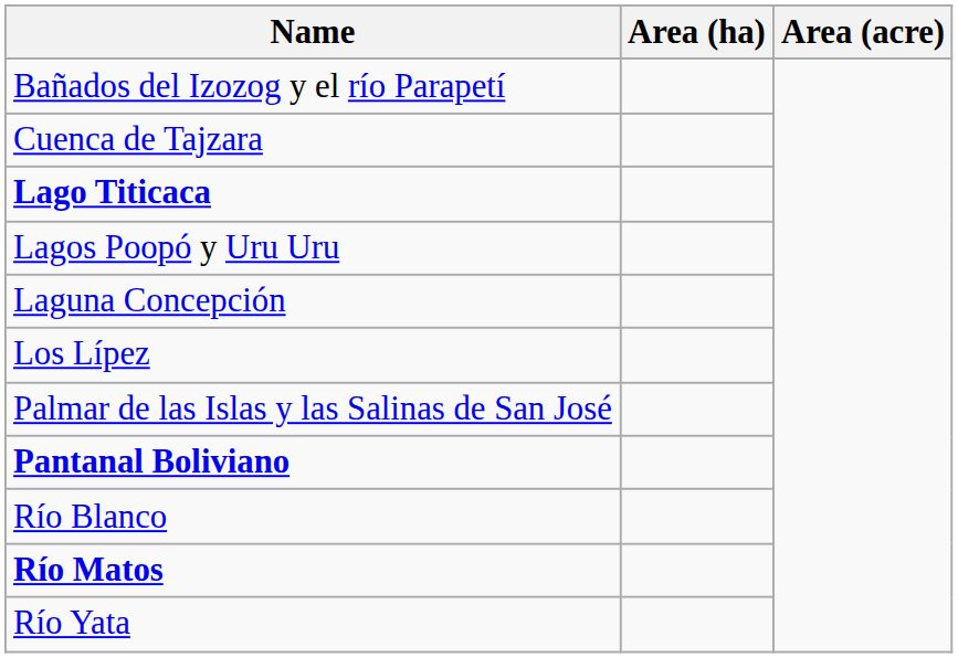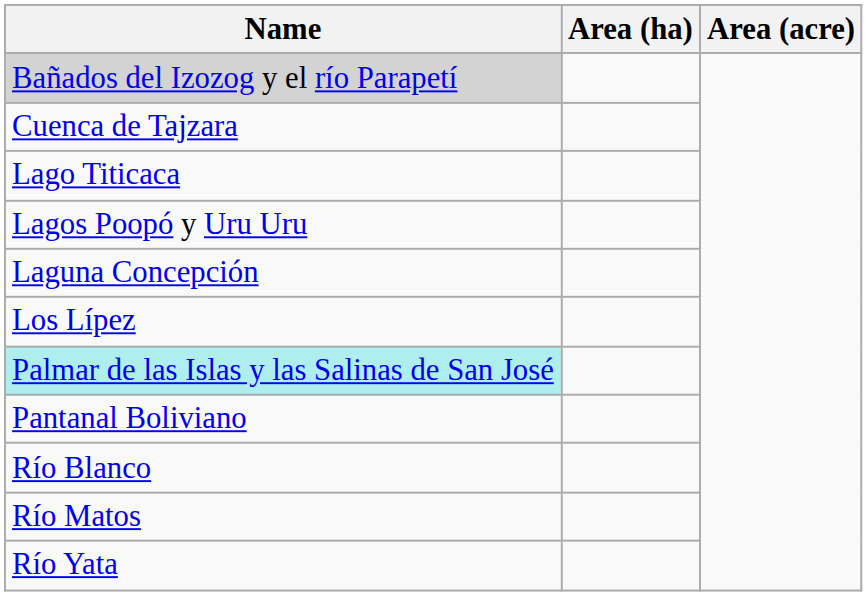 <table class="wikitable sortable">
 <tr>
 <th scope="col" align=left>Name</th>
 <th scope="col">Area (ha)</th>
 <th scope="col">Area (acre)</th>
 </tr>
 <tr ---->
-<td><a href='#'>Bañados del Izozog</a> y el <a href='#'>río Parapetí</a></td>
+<td style="background: lightgrey;"><a href='#'>Bañados del Izozog</a> y el <a href='#'>río Parapetí</a></td>
 <td></td>
 </tr>
 <tr ---->
 <td><a href='#'>Cuenca de Tajzara</a></td>
 <td></td>
 </tr>
 <tr ---->
-<td><strong><a href='#'>Lago Titicaca</a></strong></td>
+<td><a href='#'>Lago Titicaca</a></td>
 <td></td>
 </tr>
 <tr ---->
 <td><a href='#'>Lagos Poopó</a> y <a href='#'>Uru Uru</a></td>
 <td></td>
 </tr>
 <tr ---->
 <td><a href='#'>Laguna Concepción</a></td>
 <td></td>
 </tr>
 <tr ---->
 <td><a href='#'>Los Lípez</a></td>
 <td></td>
 </tr>
 <tr ---->
-<td><a href='#'>Palmar de las Islas y las Salinas de San José</a></td>
+<td style="background: paleturquoise;"><a href='#'>Palmar de las Islas y las Salinas de San José</a></td>
 <td></td>
 </tr>
 <tr ---->
-<td><strong><a href='#'>Pantanal Boliviano</a></strong></td>
+<td><a href='#'>Pantanal Boliviano</a></td>
 <td></td>
 </tr>
 <tr ---->
 <td><a href='#'>Río Blanco</a></td>
 <td></td>
 </tr>
 <tr ---->
-<td><strong><a href='#'>Río Matos</a></strong></td>
+<td><a href='#'>Río Matos</a></td>
 <td></td>
 </tr>
 <tr ---->
 <td><a href='#'>Río Yata</a></td>
 <td></td>
 </tr>
 </table>
